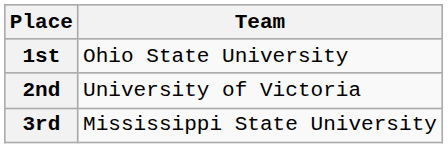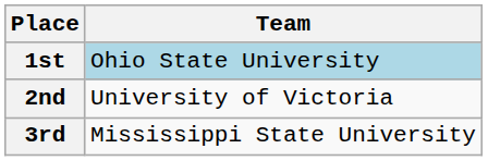 <table class="wikitable">
 <tr>
 <th>Place</th>
 <th>Team</th>
 </tr>
 <tr>
 <th>1st</th>
-<td>Ohio State University</td>
+<td style="background: lightblue;">Ohio State University</td>
 </tr>
 <tr>
 <th>2nd</th>
 <td>University of Victoria</td>
 </tr>
 <tr>
 <th>3rd</th>
 <td>Mississippi State University</td>
 </tr>
 </table>
